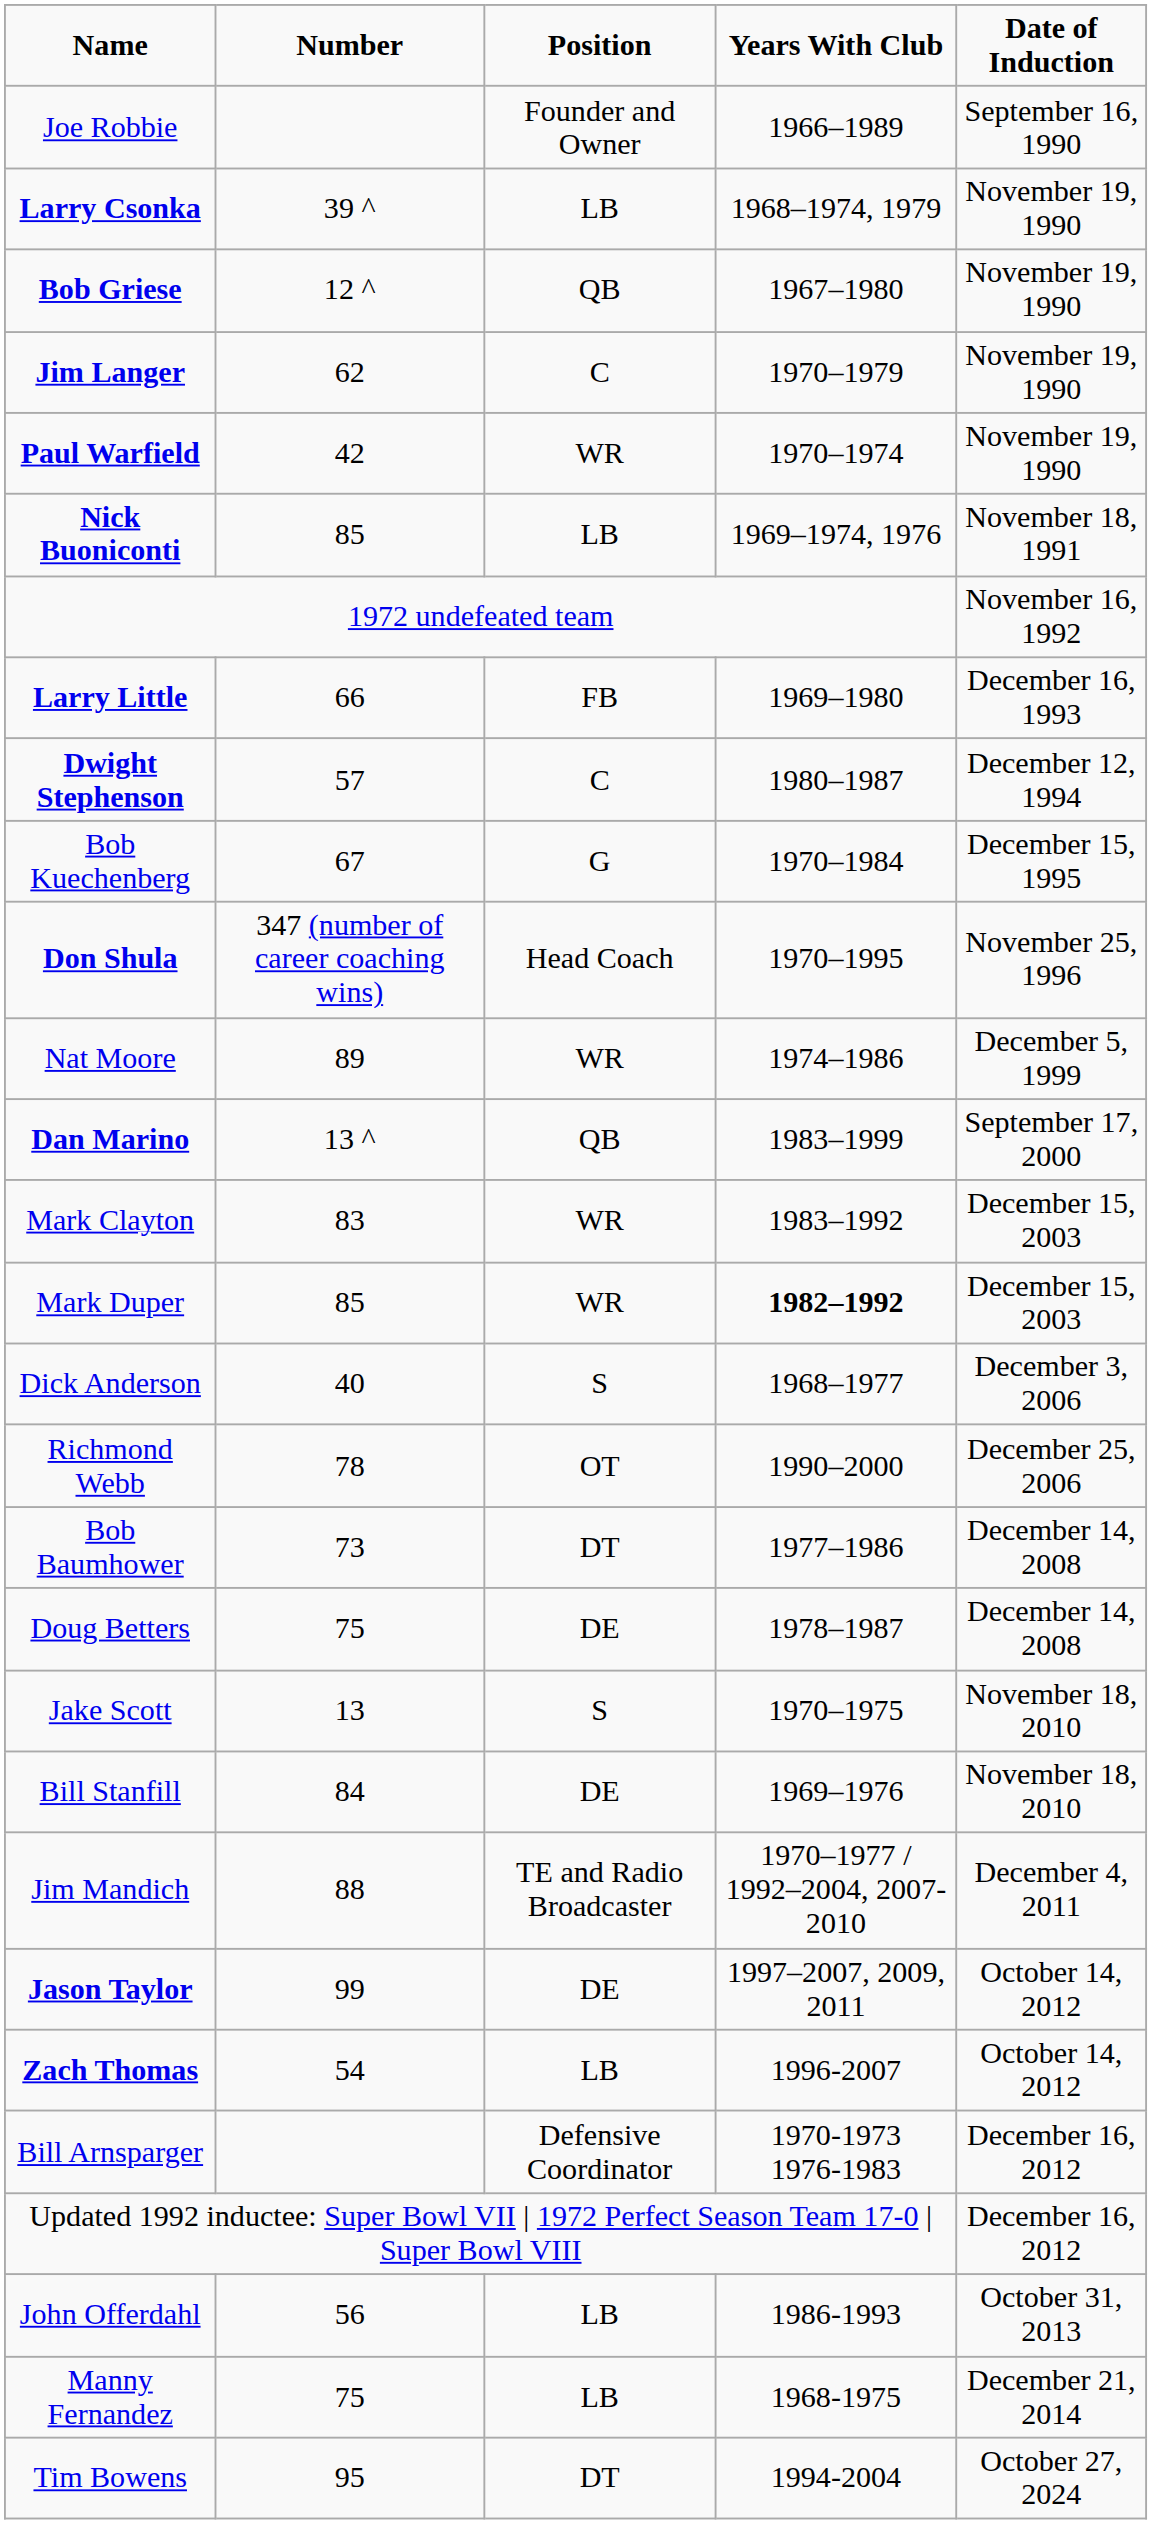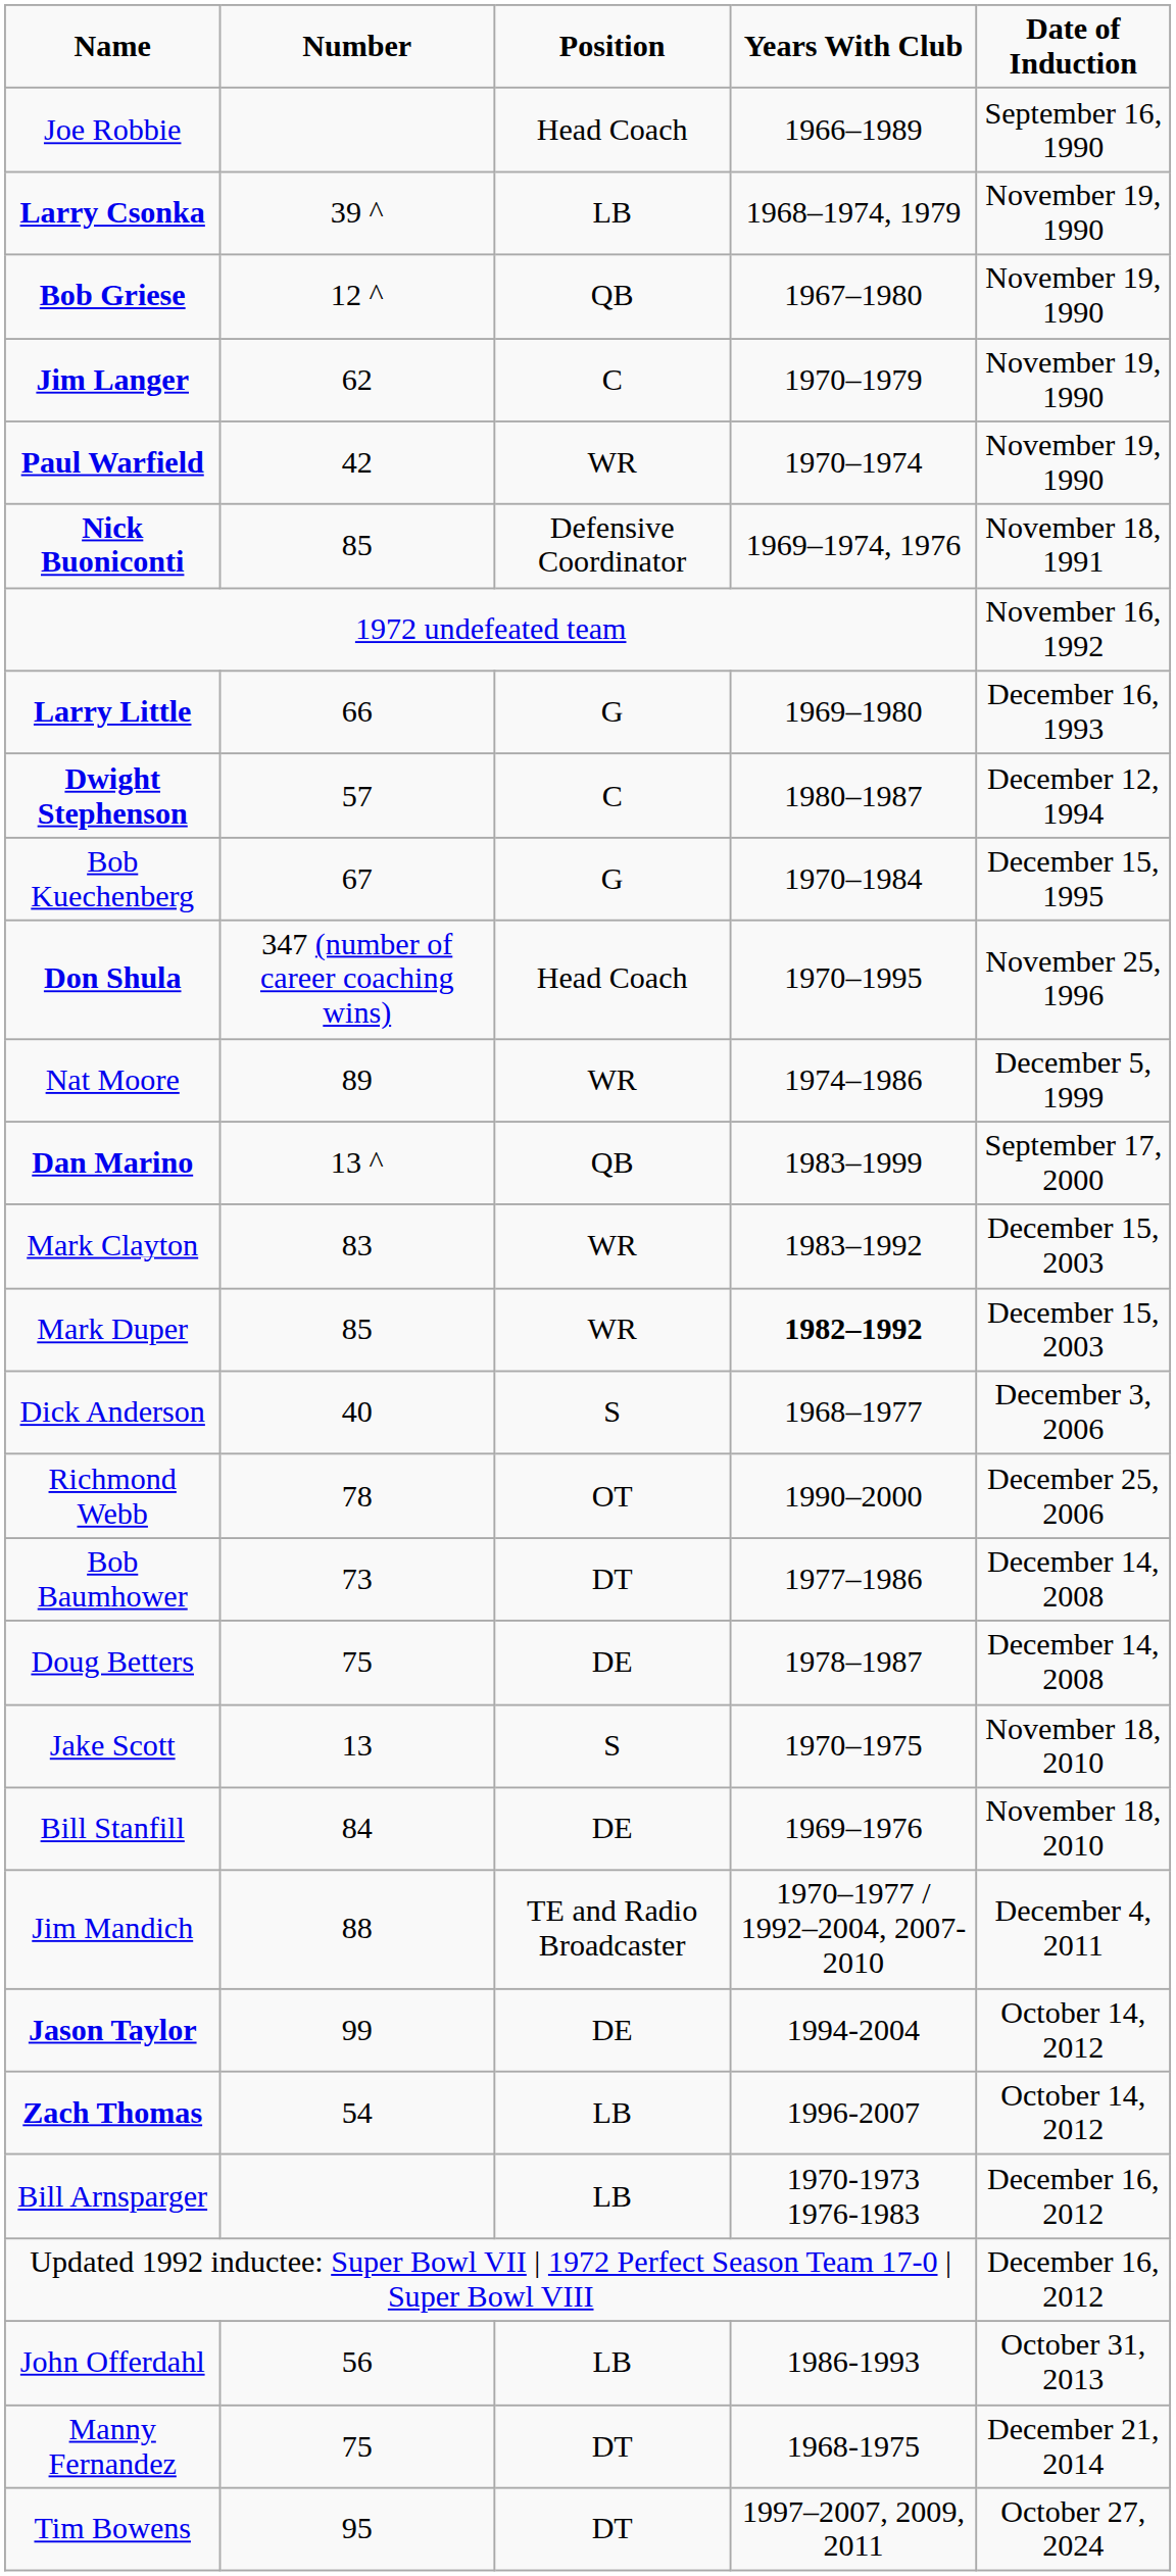 <table class="wikitable" style="text-align:center">
 <tr>
 <td><strong>Name</strong></td>
 <td><strong>Number</strong></td>
 <td><strong>Position</strong></td>
 <td><strong>Years With Club</strong></td>
 <td><strong>Date of Induction</strong></td>
 </tr>
 <tr>
 <td><a href='#'>Joe Robbie</a></td>
 <td></td>
-<td>Founder and Owner</td>
+<td>Head Coach</td>
 <td>1966–1989</td>
 <td>September 16, 1990</td>
 </tr>
 <tr>
 <td><strong><a href='#'>Larry Csonka</a></strong> </td>
 <td>39 ^</td>
 <td>LB</td>
 <td>1968–1974, 1979</td>
 <td>November 19, 1990</td>
 </tr>
 <tr>
 <td><strong><a href='#'>Bob Griese</a></strong> </td>
 <td>12 ^</td>
 <td>QB</td>
 <td>1967–1980</td>
 <td>November 19, 1990</td>
 </tr>
 <tr>
 <td><strong><a href='#'>Jim Langer</a></strong> </td>
 <td>62</td>
 <td>C</td>
 <td>1970–1979</td>
 <td>November 19, 1990</td>
 </tr>
 <tr>
 <td><strong><a href='#'>Paul Warfield</a></strong> </td>
 <td>42</td>
 <td>WR</td>
 <td>1970–1974</td>
 <td>November 19, 1990</td>
 </tr>
 <tr>
 <td><strong><a href='#'>Nick Buoniconti</a></strong> </td>
 <td>85</td>
-<td>LB</td>
+<td>Defensive Coordinator</td>
 <td>1969–1974, 1976</td>
 <td>November 18, 1991</td>
 </tr>
 <tr>
 <td colspan="4"><a href='#'>1972 undefeated team</a></td>
 <td>November 16, 1992</td>
 </tr>
 <tr>
 <td><strong><a href='#'>Larry Little</a></strong> </td>
 <td>66</td>
-<td>FB</td>
+<td>G</td>
 <td>1969–1980</td>
 <td>December 16, 1993</td>
 </tr>
 <tr>
 <td><strong><a href='#'>Dwight Stephenson</a></strong> </td>
 <td>57</td>
 <td>C</td>
 <td>1980–1987</td>
 <td>December 12, 1994</td>
 </tr>
 <tr>
 <td><a href='#'>Bob Kuechenberg</a></td>
 <td>67</td>
 <td>G</td>
 <td>1970–1984</td>
 <td>December 15, 1995</td>
 </tr>
 <tr>
 <td><strong><a href='#'>Don Shula</a></strong></td>
 <td>347 <a href='#'>(number of career coaching wins)</a></td>
 <td>Head Coach</td>
 <td>1970–1995</td>
 <td>November 25, 1996</td>
 </tr>
 <tr>
 <td><a href='#'>Nat Moore</a></td>
 <td>89</td>
 <td>WR</td>
 <td>1974–1986</td>
 <td>December 5, 1999</td>
 </tr>
 <tr>
 <td><strong><a href='#'>Dan Marino</a></strong></td>
 <td>13 ^</td>
 <td>QB</td>
 <td>1983–1999</td>
 <td>September 17, 2000</td>
 </tr>
 <tr>
 <td><a href='#'>Mark Clayton</a></td>
 <td>83</td>
 <td>WR</td>
 <td>1983–1992</td>
 <td>December 15, 2003</td>
 </tr>
 <tr>
 <td><a href='#'>Mark Duper</a></td>
 <td>85</td>
 <td>WR</td>
 <td><strong>1982–1992</strong></td>
 <td>December 15, 2003</td>
 </tr>
 <tr>
 <td><a href='#'>Dick Anderson</a></td>
 <td>40</td>
 <td>S</td>
 <td>1968–1977</td>
 <td>December 3, 2006</td>
 </tr>
 <tr>
 <td><a href='#'>Richmond Webb</a></td>
 <td>78</td>
 <td>OT</td>
 <td>1990–2000</td>
 <td>December 25, 2006</td>
 </tr>
 <tr>
 <td><a href='#'>Bob Baumhower</a></td>
 <td>73</td>
 <td>DT</td>
 <td>1977–1986</td>
 <td>December 14, 2008</td>
 </tr>
 <tr>
 <td><a href='#'>Doug Betters</a></td>
 <td>75</td>
 <td>DE</td>
 <td>1978–1987</td>
 <td>December 14, 2008</td>
 </tr>
 <tr>
 <td><a href='#'>Jake Scott</a></td>
 <td>13</td>
 <td>S</td>
 <td>1970–1975</td>
 <td>November 18, 2010</td>
 </tr>
 <tr>
 <td><a href='#'>Bill Stanfill</a></td>
 <td>84</td>
 <td>DE</td>
 <td>1969–1976</td>
 <td>November 18, 2010</td>
 </tr>
 <tr>
 <td><a href='#'>Jim Mandich</a></td>
 <td>88</td>
 <td>TE and Radio Broadcaster</td>
 <td>1970–1977 / 1992–2004, 2007-2010</td>
 <td>December 4, 2011</td>
 </tr>
 <tr>
 <td><strong><a href='#'>Jason Taylor</a></strong></td>
 <td>99</td>
 <td>DE</td>
-<td>1997–2007, 2009, 2011</td>
+<td>1994-2004</td>
 <td>October 14, 2012</td>
 </tr>
 <tr>
 <td><strong><a href='#'>Zach Thomas</a></strong></td>
 <td>54</td>
 <td>LB</td>
 <td>1996-2007</td>
 <td>October 14, 2012</td>
 </tr>
 <tr>
 <td><a href='#'>Bill Arnsparger</a></td>
 <td></td>
-<td>Defensive Coordinator</td>
+<td>LB</td>
 <td>1970-1973<br>1976-1983</td>
 <td>December 16, 2012</td>
 </tr>
 <tr>
 <td colspan="4">Updated 1992 inductee: <a href='#'>Super Bowl VII</a> | <a href='#'>1972 Perfect Season Team 17-0</a> | <a href='#'>Super Bowl VIII</a></td>
 <td>December 16, 2012</td>
 </tr>
 <tr>
 <td><a href='#'>John Offerdahl</a></td>
 <td>56</td>
 <td>LB</td>
 <td>1986-1993</td>
 <td>October 31, 2013</td>
 </tr>
 <tr>
 <td><a href='#'>Manny Fernandez</a></td>
 <td>75</td>
-<td>LB</td>
+<td>DT</td>
 <td>1968-1975</td>
 <td>December 21, 2014</td>
 </tr>
 <tr>
 <td><a href='#'>Tim Bowens</a></td>
 <td>95</td>
 <td>DT</td>
-<td>1994-2004</td>
+<td>1997–2007, 2009, 2011</td>
 <td>October 27, 2024</td>
 </tr>
 </table>
